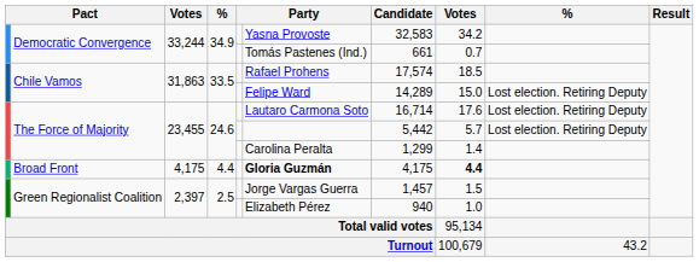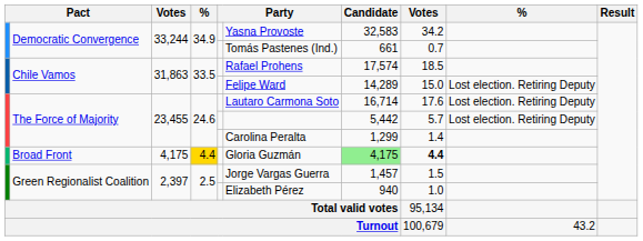 <table class=wikitable style="text-align: right;">
 <tr>
 <th scope="col" colspan="2">Pact</th>
 <th scope="col">Votes</th>
 <th scope="col">%</th>
 <th scope="col" colspan="2">Party</th>
 <th scope="col">Candidate</th>
 <th scope="col">Votes</th>
 <th scope="col">%</th>
 <th scope="col">Result</th>
 </tr>
 <tr>
 <td rowspan=2 bgcolor=dodgerblue></td>
 <td rowspan=2 align=left><a href='#'>Democratic Convergence</a></td>
 <td rowspan=2>33,244</td>
 <td rowspan=2>34.9</td>
 <td></td>
 <td align=left><a href='#'>Yasna Provoste</a></td>
 <td>32,583</td>
 <td>34.2</td>
 <td></td>
 </tr>
 <tr>
 <td></td>
 <td align=left>Tomás Pastenes (Ind.)</td>
 <td>661</td>
 <td>0.7</td>
 <td></td>
 </tr>
 <tr>
 <td rowspan=2 bgcolor=#065DA8></td>
 <td rowspan=2 align=left><a href='#'>Chile Vamos</a></td>
 <td rowspan=2>31,863</td>
 <td rowspan=2>33.5</td>
 <td></td>
 <td align=left><a href='#'>Rafael Prohens</a></td>
 <td>17,574</td>
 <td>18.5</td>
 <td></td>
 </tr>
 <tr>
 <td></td>
 <td align=left><a href='#'>Felipe Ward</a></td>
 <td>14,289</td>
 <td>15.0</td>
 <td>Lost election. Retiring Deputy</td>
 </tr>
 <tr>
 <td rowspan=3 bgcolor=#fc4143></td>
 <td rowspan=3 align=left><a href='#'>The Force of Majority</a></td>
 <td rowspan=3>23,455</td>
 <td rowspan=3>24.6</td>
 <td></td>
 <td align=left><a href='#'>Lautaro Carmona Soto</a></td>
 <td>16,714</td>
 <td>17.6</td>
 <td>Lost election. Retiring Deputy</td>
 </tr>
 <tr>
 <td></td>
 <td align=left></td>
 <td>5,442</td>
 <td>5.7</td>
 <td>Lost election. Retiring Deputy</td>
 </tr>
 <tr>
 <td></td>
 <td align=left>Carolina Peralta</td>
 <td>1,299</td>
 <td>1.4</td>
 <td></td>
 </tr>
 <tr>
 <td bgcolor=#00B771></td>
 <td align=left><a href='#'>Broad Front</a></td>
 <td>4,175</td>
-<td>4.4</td>
+<td style="background: gold;">4.4</td>
 <td></td>
-<td align=left><strong>Gloria Guzmán</strong></td>
-<td>4,175</td>
+<td align=left>Gloria Guzmán</td>
+<td style="background: lightgreen;">4,175</td>
 <td><strong>4.4</strong></td>
 <td></td>
 </tr>
 <tr>
 <td rowspan=2 bgcolor=green></td>
 <td rowspan=2 align=left>Green Regionalist Coalition</td>
 <td rowspan=2>2,397</td>
 <td rowspan=2>2.5</td>
 <td></td>
 <td align=left>Jorge Vargas Guerra</td>
 <td>1,457</td>
 <td>1.5</td>
 <td></td>
 </tr>
 <tr>
 <td></td>
 <td align=left>Elizabeth Pérez</td>
 <td>940</td>
 <td>1.0</td>
 <td></td>
 </tr>
 <tr style="background-color:#F6F6F6">
 <th colspan="7" style="text-align:right;">Total valid votes</th>
 <td style="text-align:right;">95,134</td>
 <td style="text-align:right;"></td>
 <td style="text-align:right;"></td>
 </tr>
 <tr style="background-color:#F6F6F6">
 <th colspan="7" style="text-align:right;"><a href='#'>Turnout</a></th>
 <td style="text-align:right;">100,679</td>
 <td style="text-align:right;">43.2</td>
 <td style="text-align:right;"></td>
 </tr>
 </table>
